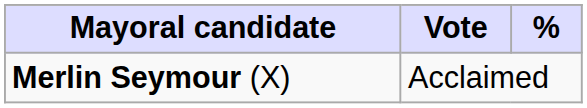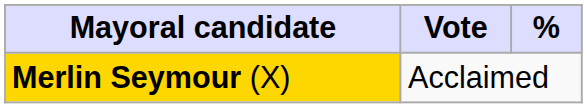 <table class="wikitable">
 <tr>
 <th style="background:#ddf; width:200px;">Mayoral candidate</th>
 <th style="background:#ddf; width:50px;">Vote</th>
 <th style="background:#ddf; width:30px;">%</th>
 </tr>
 <tr>
-<td><strong>Merlin Seymour</strong> (X)</td>
+<td style="background: gold;"><strong>Merlin Seymour</strong> (X)</td>
 <td colspan="2">Acclaimed</td>
 </tr>
 </table>
